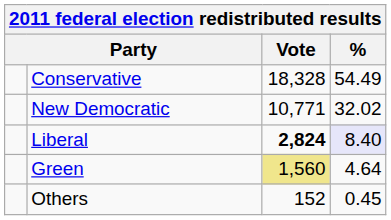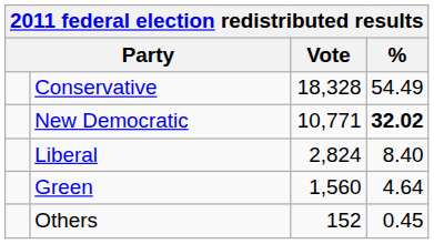 <table class="wikitable">
 <tr>
 <th colspan="4"><a href='#'>2011 federal election</a> redistributed results</th>
 </tr>
 <tr>
 <th bgcolor="#DDDDFF" width="130px" colspan="2">Party</th>
 <th bgcolor="#DDDDFF" width="50px">Vote</th>
 <th bgcolor="#DDDDFF" width="30px">%</th>
 </tr>
 <tr>
 <td> </td>
 <td><a href='#'>Conservative</a></td>
 <td align="right">18,328</td>
 <td align="right">54.49</td>
 </tr>
 <tr>
 <td> </td>
 <td><a href='#'>New Democratic</a></td>
 <td align="right">10,771</td>
-<td align="right">32.02</td>
+<td align="right"><strong>32.02</strong></td>
 </tr>
 <tr>
 <td> </td>
 <td><a href='#'>Liberal</a></td>
-<td align="right"><strong>2,824</strong></td>
-<td align="right" style="background: lavender;">8.40</td>
+<td align="right">2,824</td>
+<td align="right">8.40</td>
 </tr>
 <tr>
 <td> </td>
 <td><a href='#'>Green</a></td>
-<td align="right" style="background: khaki;">1,560</td>
+<td align="right">1,560</td>
 <td align="right">4.64</td>
 </tr>
 <tr>
 <td> </td>
 <td>Others</td>
 <td align="right">152</td>
 <td align="right">0.45</td>
 </tr>
 </table>
